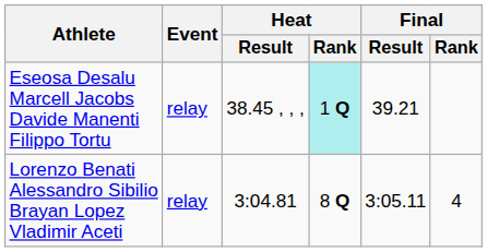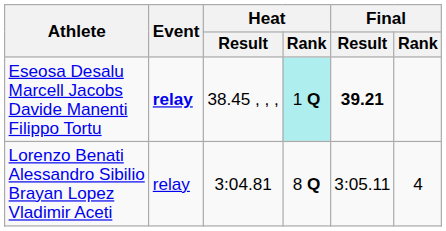 <table class="wikitable" style="font-size:90%">
 <tr>
 <th rowspan="2">Athlete</th>
 <th rowspan="2">Event</th>
 <th colspan="2">Heat</th>
 <th colspan="2">Final</th>
 </tr>
 <tr style="font-size:95%">
 <th>Result</th>
 <th>Rank</th>
 <th>Result</th>
 <th>Rank</th>
 </tr>
 <tr align=center>
 <td align=left><a href='#'>Eseosa Desalu</a><br><a href='#'>Marcell Jacobs</a><br><a href='#'>Davide Manenti</a><br><a href='#'>Filippo Tortu</a></td>
-<td align=left><a href='#'> relay</a></td>
+<td align=left><strong><a href='#'> relay</a></strong></td>
 <td>38.45 , , , </td>
 <td style="background: paleturquoise;">1 <strong>Q</strong></td>
-<td>39.21</td>
+<td><strong>39.21</strong></td>
 <td></td>
 </tr>
 <tr align=center>
 <td align=left><a href='#'>Lorenzo Benati</a><br><a href='#'>Alessandro Sibilio</a><br><a href='#'>Brayan Lopez</a><br><a href='#'>Vladimir Aceti</a></td>
 <td align=left><a href='#'> relay</a></td>
 <td>3:04.81 </td>
 <td>8 <strong>Q</strong></td>
 <td>3:05.11</td>
 <td>4</td>
 </tr>
 </table>
